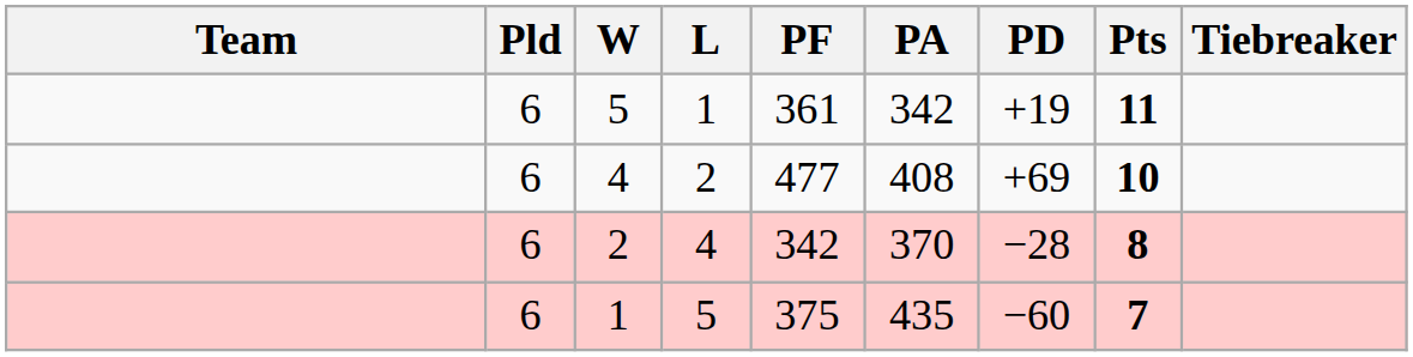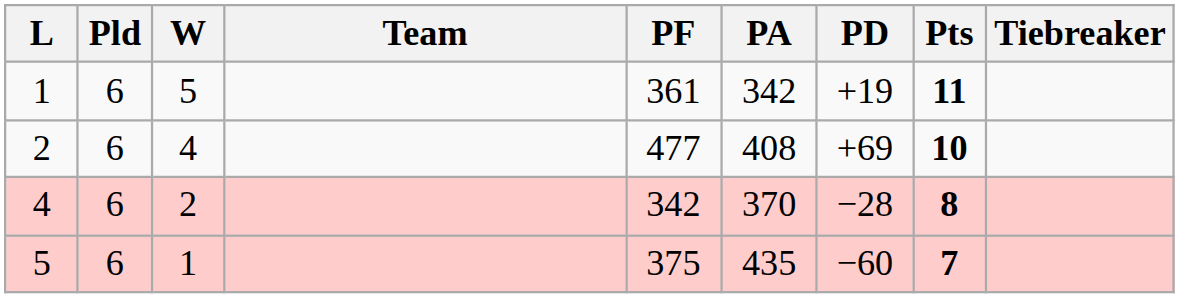 <table class="wikitable" style="text-align:center;">
 <tr>
-<th width=170>Team</th>
+<th width=25>L</th>
 <th width=25>Pld</th>
 <th width=25>W</th>
-<th width=25>L</th>
+<th width=170>Team</th>
 <th width=35>PF</th>
 <th width=35>PA</th>
 <th width=35>PD</th>
 <th width=25>Pts</th>
 <th width=50>Tiebreaker</th>
 </tr>
 <tr bgcolor=>
-<td align="left"></td>
+<td>1</td>
 <td>6</td>
 <td>5</td>
-<td>1</td>
+<td align="left"></td>
 <td>361</td>
 <td>342</td>
 <td>+19</td>
 <td><strong>11</strong></td>
 <td></td>
 </tr>
 <tr bgcolor=>
-<td align="left"></td>
+<td>2</td>
 <td>6</td>
 <td>4</td>
-<td>2</td>
+<td align="left"></td>
 <td>477</td>
 <td>408</td>
 <td>+69</td>
 <td><strong>10</strong></td>
 <td></td>
 </tr>
 <tr bgcolor=#ffcccc>
-<td align="left"></td>
+<td>4</td>
 <td>6</td>
 <td>2</td>
-<td>4</td>
+<td align="left"></td>
 <td>342</td>
 <td>370</td>
 <td>−28</td>
 <td><strong>8</strong></td>
 <td></td>
 </tr>
 <tr bgcolor=#ffcccc>
-<td align="left"></td>
+<td>5</td>
 <td>6</td>
 <td>1</td>
-<td>5</td>
+<td align="left"></td>
 <td>375</td>
 <td>435</td>
 <td>−60</td>
 <td><strong>7</strong></td>
 <td></td>
 </tr>
 </table>
